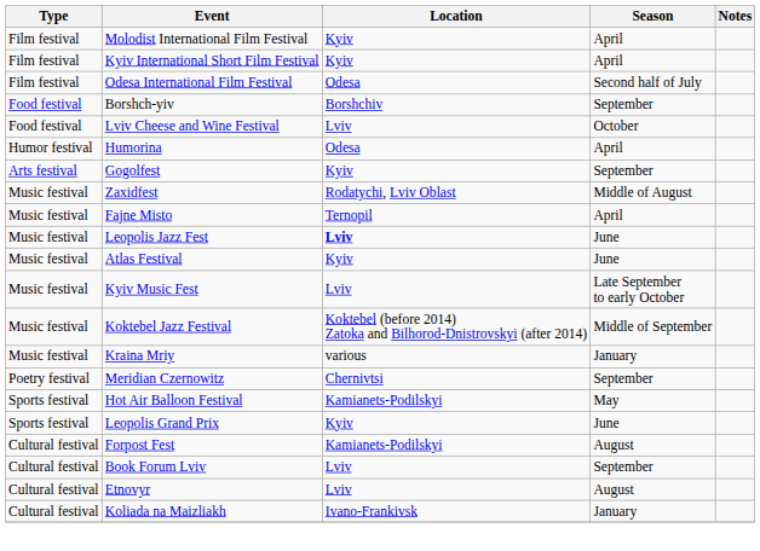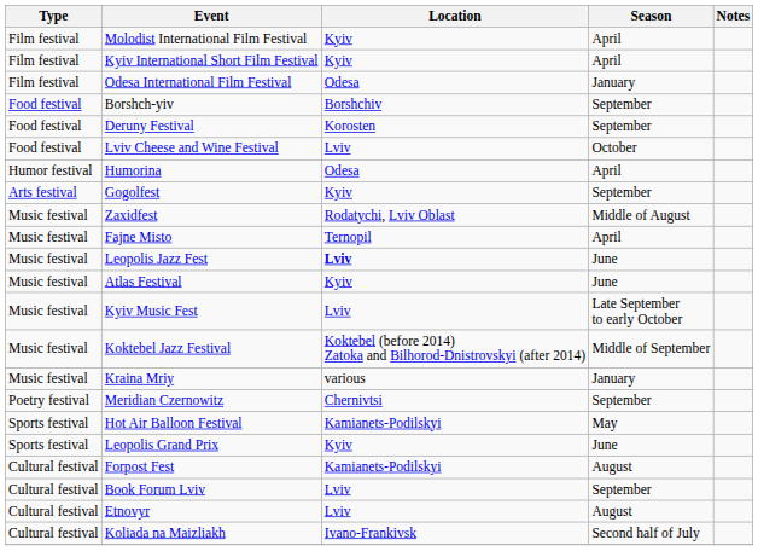 <table class="wikitable">
 <tr>
 <th valign=bottom>Type</th>
 <th valign=bottom>Event</th>
 <th valign=bottom>Location</th>
 <th valign=bottom>Season</th>
 <th valign=bottom>Notes</th>
 </tr>
 <tr>
 <td>Film festival</td>
 <td><a href='#'>Molodist</a> International Film Festival</td>
 <td><a href='#'>Kyiv</a></td>
 <td>April</td>
 <td></td>
 </tr>
 <tr>
 <td>Film festival</td>
 <td><a href='#'>Kyiv International Short Film Festival</a></td>
 <td><a href='#'>Kyiv</a></td>
 <td>April</td>
 <td></td>
 </tr>
 <tr>
 <td>Film festival</td>
 <td><a href='#'>Odesa International Film Festival</a></td>
 <td><a href='#'>Odesa</a></td>
-<td>Second half of July</td>
+<td>January</td>
 <td></td>
 </tr>
 <tr>
 <td><a href='#'>Food festival</a></td>
 <td>Borshch-yiv</td>
 <td><a href='#'>Borshchiv</a></td>
+<td>September</td>
+<td></td>
+</tr>
+<tr>
+<td>Food festival</td>
+<td><a href='#'>Deruny Festival</a></td>
+<td><a href='#'>Korosten</a></td>
 <td>September</td>
 <td></td>
 </tr>
 <tr>
 <td>Food festival</td>
 <td><a href='#'>Lviv Cheese and Wine Festival</a></td>
 <td><a href='#'>Lviv</a></td>
 <td>October</td>
 <td></td>
 </tr>
 <tr>
 <td>Humor festival</td>
 <td><a href='#'>Humorina</a></td>
 <td><a href='#'>Odesa</a></td>
 <td>April</td>
 <td></td>
 </tr>
 <tr>
 <td><a href='#'>Arts festival</a></td>
 <td><a href='#'>Gogolfest</a></td>
 <td><a href='#'>Kyiv</a></td>
 <td>September</td>
 <td></td>
 </tr>
 <tr>
 <td>Music festival</td>
 <td><a href='#'>Zaxidfest</a></td>
 <td><a href='#'>Rodatychi</a>, <a href='#'>Lviv Oblast</a></td>
 <td>Middle of August</td>
 <td></td>
 </tr>
 <tr>
 <td>Music festival</td>
 <td><a href='#'>Fajne Misto</a></td>
 <td><a href='#'>Ternopil</a></td>
 <td>April</td>
 <td></td>
 </tr>
 <tr>
 <td>Music festival</td>
 <td><a href='#'>Leopolis Jazz Fest</a></td>
 <td><strong><a href='#'>Lviv</a></strong></td>
 <td>June</td>
 <td></td>
 </tr>
 <tr>
 <td>Music festival</td>
 <td><a href='#'>Atlas Festival</a></td>
 <td><a href='#'>Kyiv</a></td>
 <td>June</td>
 <td></td>
 </tr>
 <tr>
 <td>Music festival</td>
 <td><a href='#'>Kyiv Music Fest</a></td>
 <td><a href='#'>Lviv</a></td>
 <td>Late September<br>to early October</td>
 <td></td>
 </tr>
 <tr>
 <td>Music festival</td>
 <td><a href='#'>Koktebel Jazz Festival</a></td>
 <td><a href='#'>Koktebel</a> (before 2014)<br><a href='#'>Zatoka</a> and  <a href='#'>Bilhorod-Dnistrovskyi</a> (after 2014)</td>
 <td>Middle of September</td>
 <td></td>
 </tr>
 <tr>
 <td>Music festival</td>
 <td><a href='#'>Kraina Mriy</a></td>
 <td>various</td>
 <td>January</td>
 <td></td>
 </tr>
 <tr>
 <td>Poetry festival</td>
 <td><a href='#'>Meridian Czernowitz</a></td>
 <td><a href='#'>Chernivtsi</a></td>
 <td>September</td>
 <td></td>
 </tr>
 <tr>
 <td>Sports festival</td>
 <td><a href='#'>Hot Air Balloon Festival</a></td>
 <td><a href='#'>Kamianets-Podilskyi</a></td>
 <td>May</td>
 <td></td>
 </tr>
 <tr>
 <td>Sports festival</td>
 <td><a href='#'>Leopolis Grand Prix</a></td>
 <td><a href='#'>Kyiv</a></td>
 <td>June</td>
 <td></td>
 </tr>
 <tr>
 <td>Cultural festival</td>
 <td><a href='#'>Forpost Fest</a></td>
 <td><a href='#'>Kamianets-Podilskyi</a></td>
 <td>August</td>
 <td></td>
 </tr>
 <tr>
 <td>Cultural festival</td>
 <td><a href='#'>Book Forum Lviv</a></td>
 <td><a href='#'>Lviv</a></td>
 <td>September</td>
 <td></td>
 </tr>
 <tr>
 <td>Cultural festival</td>
 <td><a href='#'>Etnovyr</a></td>
 <td><a href='#'>Lviv</a></td>
 <td>August</td>
 <td></td>
 </tr>
 <tr>
 <td>Cultural festival</td>
 <td><a href='#'>Koliada na Maizliakh</a></td>
 <td><a href='#'>Ivano-Frankivsk</a></td>
-<td>January</td>
+<td>Second half of July</td>
 <td></td>
 </tr>
 <tr>
 </tr>
 </table>
